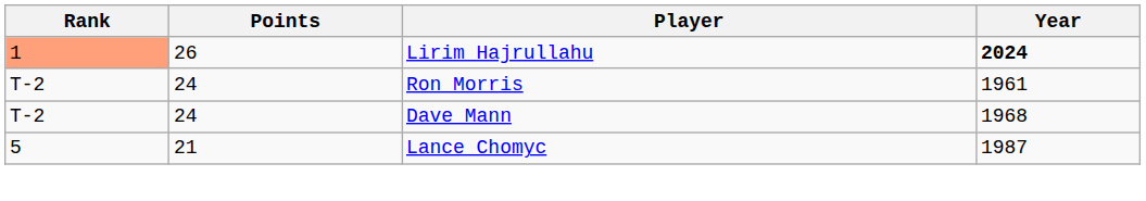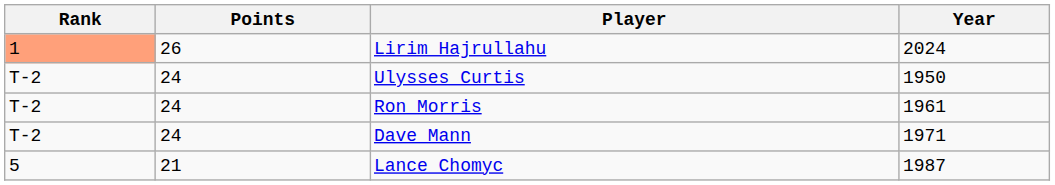 <table class="wikitable" style="width:60%;">
 <tr>
 <th>Rank</th>
 <th>Points</th>
 <th>Player</th>
 <th>Year</th>
 </tr>
 <tr>
 <td style="background: lightsalmon;">1</td>
 <td>26</td>
 <td><a href='#'>Lirim Hajrullahu</a></td>
-<td><strong>2024</strong></td>
+<td>2024</td>
+</tr>
+<tr>
+<td>T-2</td>
+<td>24</td>
+<td><a href='#'>Ulysses Curtis</a></td>
+<td>1950</td>
 </tr>
 <tr>
 <td>T-2</td>
 <td>24</td>
 <td><a href='#'>Ron Morris</a></td>
 <td>1961</td>
 </tr>
 <tr>
 <td>T-2</td>
 <td>24</td>
 <td><a href='#'>Dave Mann</a></td>
-<td>1968</td>
+<td>1971</td>
 </tr>
 <tr>
 <td>5</td>
 <td>21</td>
 <td><a href='#'>Lance Chomyc</a></td>
 <td>1987</td>
 </tr>
 </table>
